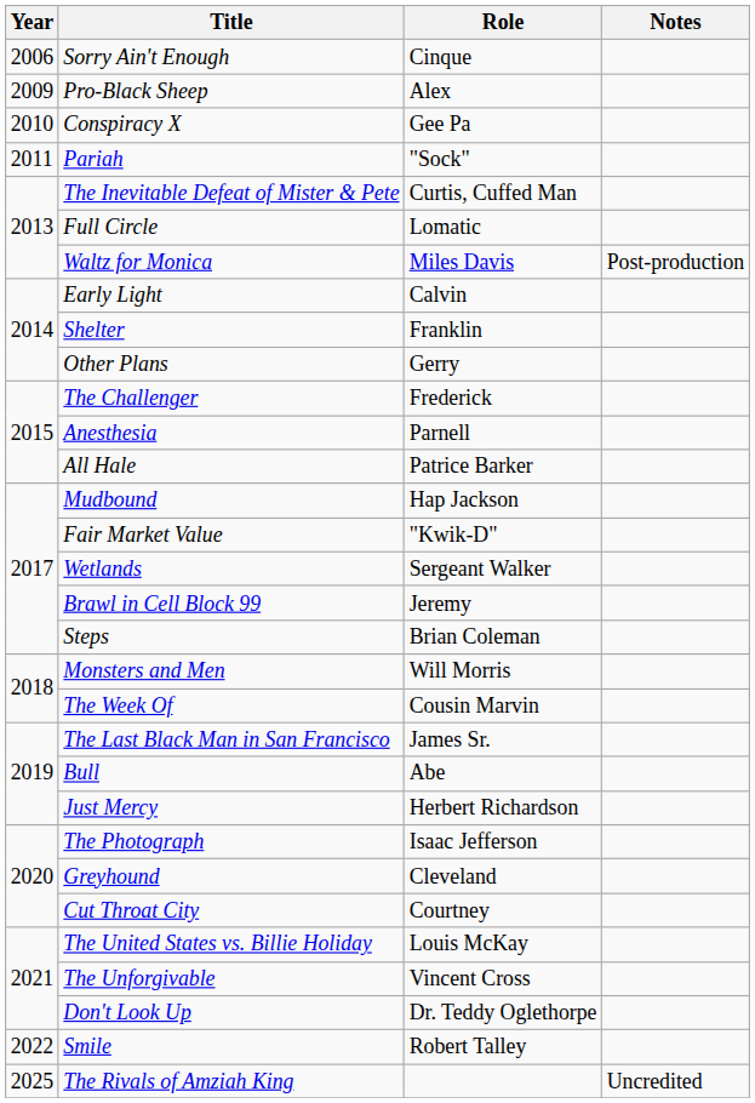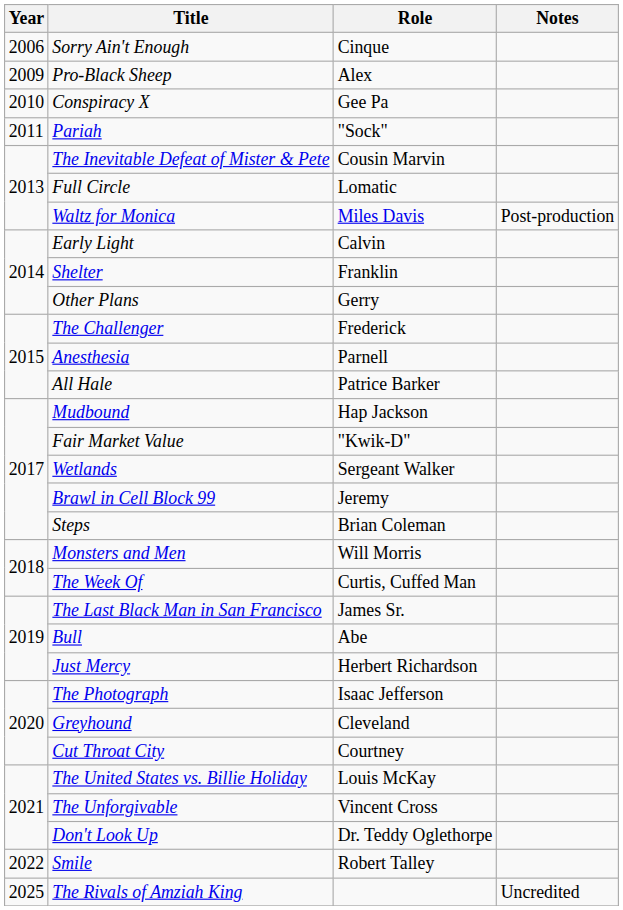 <table class="wikitable sortable">
 <tr>
 <th>Year</th>
 <th>Title</th>
 <th>Role</th>
 <th class="unsortable">Notes</th>
 </tr>
 <tr>
 <td>2006</td>
 <td><em>Sorry Ain't Enough</em></td>
 <td>Cinque</td>
 <td></td>
 </tr>
 <tr>
 <td>2009</td>
 <td><em>Pro-Black Sheep</em></td>
 <td>Alex</td>
 <td></td>
 </tr>
 <tr>
 <td>2010</td>
 <td><em>Conspiracy X</em></td>
 <td>Gee Pa</td>
 <td></td>
 </tr>
 <tr>
 <td>2011</td>
 <td><em><a href='#'>Pariah</a></em></td>
 <td>"Sock"</td>
 <td></td>
 </tr>
 <tr>
 <td rowspan="3">2013</td>
 <td><em><a href='#'>The Inevitable Defeat of Mister & Pete</a></em></td>
-<td>Curtis, Cuffed Man</td>
+<td>Cousin Marvin</td>
 <td></td>
 </tr>
 <tr>
 <td><em>Full Circle</em></td>
 <td>Lomatic</td>
 <td></td>
 </tr>
 <tr>
 <td><em><a href='#'>Waltz for Monica</a></em></td>
 <td><a href='#'>Miles Davis</a></td>
 <td>Post-production</td>
 </tr>
 <tr>
 <td rowspan="3">2014</td>
 <td><em>Early Light</em></td>
 <td>Calvin</td>
 <td></td>
 </tr>
 <tr>
 <td><em><a href='#'>Shelter</a></em></td>
 <td>Franklin</td>
 <td></td>
 </tr>
 <tr>
 <td><em>Other Plans</em></td>
 <td>Gerry</td>
 <td></td>
 </tr>
 <tr>
 <td rowspan="3">2015</td>
 <td><em><a href='#'>The Challenger</a></em></td>
 <td>Frederick</td>
 <td></td>
 </tr>
 <tr>
 <td><em><a href='#'>Anesthesia</a></em></td>
 <td>Parnell</td>
 <td></td>
 </tr>
 <tr>
 <td><em>All Hale</em></td>
 <td>Patrice Barker</td>
 <td></td>
 </tr>
 <tr>
 <td rowspan="5">2017</td>
 <td><em><a href='#'>Mudbound</a></em></td>
 <td>Hap Jackson</td>
 <td></td>
 </tr>
 <tr>
 <td><em>Fair Market Value</em></td>
 <td>"Kwik-D"</td>
 <td></td>
 </tr>
 <tr>
 <td><em><a href='#'>Wetlands</a></em></td>
 <td>Sergeant Walker</td>
 <td></td>
 </tr>
 <tr>
 <td><em><a href='#'>Brawl in Cell Block 99</a></em></td>
 <td>Jeremy</td>
 <td></td>
 </tr>
 <tr>
 <td><em>Steps</em></td>
 <td>Brian Coleman</td>
 <td></td>
 </tr>
 <tr>
 <td rowspan=2>2018</td>
 <td><em><a href='#'>Monsters and Men</a></em></td>
 <td>Will Morris</td>
 <td></td>
 </tr>
 <tr>
 <td><em><a href='#'>The Week Of</a></em></td>
-<td>Cousin Marvin</td>
+<td>Curtis, Cuffed Man</td>
 <td></td>
 </tr>
 <tr>
 <td rowspan="3">2019</td>
 <td><em><a href='#'>The Last Black Man in San Francisco</a></em></td>
 <td>James Sr.</td>
 <td></td>
 </tr>
 <tr>
 <td><em><a href='#'>Bull</a></em></td>
 <td>Abe</td>
 <td></td>
 </tr>
 <tr>
 <td><em><a href='#'>Just Mercy</a></em></td>
 <td>Herbert Richardson</td>
 <td></td>
 </tr>
 <tr>
 <td rowspan="3">2020</td>
 <td><em><a href='#'>The Photograph</a></em></td>
 <td>Isaac Jefferson</td>
 <td></td>
 </tr>
 <tr>
 <td><em><a href='#'>Greyhound</a></em></td>
 <td>Cleveland</td>
 <td></td>
 </tr>
 <tr>
 <td><em><a href='#'>Cut Throat City</a></em></td>
 <td>Courtney</td>
 <td></td>
 </tr>
 <tr>
 <td rowspan="3">2021</td>
 <td><em><a href='#'>The United States vs. Billie Holiday</a></em></td>
 <td>Louis McKay</td>
 <td></td>
 </tr>
 <tr>
 <td><em><a href='#'>The Unforgivable</a></em></td>
 <td>Vincent Cross</td>
 <td></td>
 </tr>
 <tr>
 <td><em><a href='#'>Don't Look Up</a></em></td>
 <td>Dr. Teddy Oglethorpe</td>
 <td></td>
 </tr>
 <tr>
 <td>2022</td>
 <td><em><a href='#'>Smile</a></em></td>
 <td>Robert Talley</td>
 <td></td>
 </tr>
 <tr>
 <td>2025</td>
 <td><em><a href='#'>The Rivals of Amziah King</a></td>
 <td></td>
 <td>Uncredited</td>
 </tr>
 </table>
